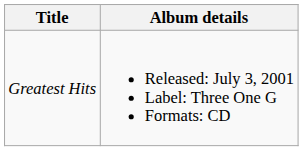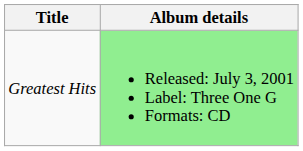 <table class="wikitable">
 <tr>
 <th>Title</th>
 <th>Album details</th>
 </tr>
 <tr>
 <td><em>Greatest Hits</em></td>
-<td><br><ul><li>Released: July 3, 2001</li><li>Label: Three One G</li><li>Formats: CD</li></ul></td>
+<td style="background: lightgreen;"><br><ul><li>Released: July 3, 2001</li><li>Label: Three One G</li><li>Formats: CD</li></ul></td>
 </tr>
 </table>
